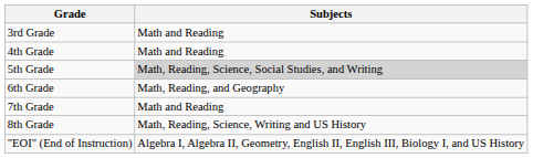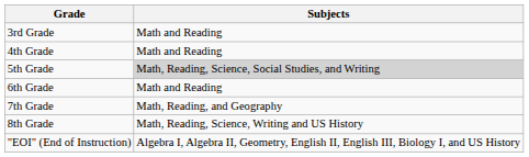 <table class="wikitable">
 <tr>
 <th>Grade</th>
 <th>Subjects</th>
 </tr>
 <tr>
 <td>3rd Grade</td>
 <td>Math and Reading</td>
 </tr>
 <tr>
 <td>4th Grade</td>
 <td>Math and Reading</td>
 </tr>
 <tr>
 <td>5th Grade</td>
 <td style="background: lightgrey;">Math, Reading, Science, Social Studies, and Writing</td>
 </tr>
 <tr>
 <td>6th Grade</td>
-<td>Math, Reading, and Geography</td>
+<td>Math and Reading</td>
 </tr>
 <tr>
 <td>7th Grade</td>
-<td>Math and Reading</td>
+<td>Math, Reading, and Geography</td>
 </tr>
 <tr>
 <td>8th Grade</td>
 <td>Math, Reading, Science, Writing and US History</td>
 </tr>
 <tr>
 <td>"EOI" (End of Instruction)</td>
 <td>Algebra I, Algebra II, Geometry, English II, English III, Biology I, and US History</td>
 </tr>
 </table>
